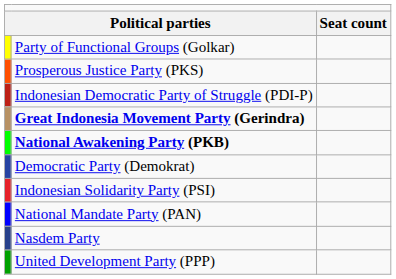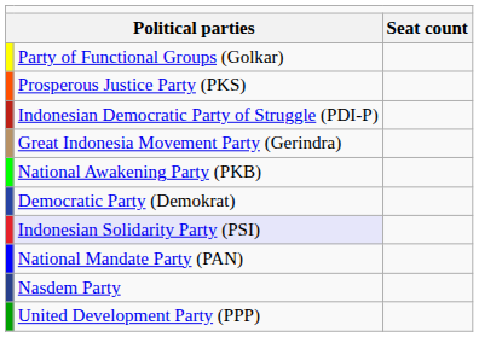 <table class="wikitable">
 <tr>
 <td colspan="4"></td>
 </tr>
 <tr>
 <th colspan="2">Political parties</th>
 <th>Seat count</th>
 </tr>
 <tr>
 <td bgcolor=#FFFF00></td>
 <td><a href='#'>Party of Functional Groups</a> (Golkar)</td>
 <td></td>
 </tr>
 <tr>
 <td bgcolor=#FF4F00></td>
 <td><a href='#'>Prosperous Justice Party</a> (PKS)</td>
 <td></td>
 </tr>
 <tr>
 <td bgcolor=#BD2016></td>
 <td><a href='#'>Indonesian Democratic Party of Struggle</a> (PDI-P)</td>
 <td></td>
 </tr>
 <tr>
 <td bgcolor=#B79164></td>
-<td><strong><a href='#'>Great Indonesia Movement Party</a> (Gerindra)</strong></td>
+<td><a href='#'>Great Indonesia Movement Party</a> (Gerindra)</td>
 <td></td>
 </tr>
 <tr>
 <td bgcolor=#00FF00></td>
-<td><strong><a href='#'>National Awakening Party</a> (PKB)</strong></td>
+<td><a href='#'>National Awakening Party</a> (PKB)</td>
 <td></td>
 </tr>
 <tr>
 <td bgcolor=#2643A3></td>
 <td><a href='#'>Democratic Party</a> (Demokrat)</td>
 <td></td>
 </tr>
 <tr>
 <td bgcolor=#E6212A></td>
-<td><a href='#'>Indonesian Solidarity Party</a> (PSI)</td>
+<td style="background: lavender;"><a href='#'>Indonesian Solidarity Party</a> (PSI)</td>
 <td></td>
 </tr>
 <tr>
 <td bgcolor=#0000FF></td>
 <td><a href='#'>National Mandate Party</a> (PAN)</td>
 <td></td>
 </tr>
 <tr>
 <td bgcolor=#27408B></td>
 <td><a href='#'>Nasdem Party</a></td>
 <td></td>
 </tr>
 <tr>
 <td bgcolor=#00A100></td>
 <td><a href='#'>United Development Party</a> (PPP)</td>
 <td></td>
 </tr>
 </table>
